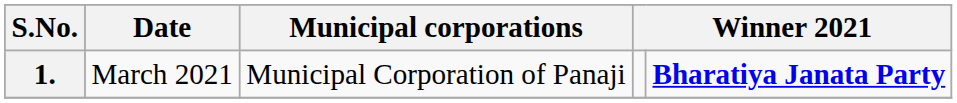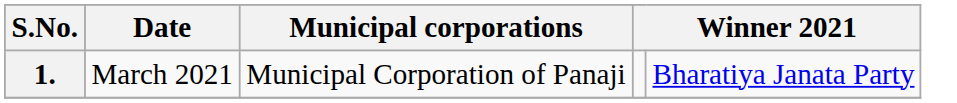 <table class="wikitable sortable">
 <tr>
 <th>S.No.</th>
 <th>Date</th>
 <th>Municipal corporations</th>
 <th colspan="2">Winner 2021</th>
 </tr>
 <tr>
 <th>1.</th>
 <td>March 2021</td>
 <td>Municipal Corporation of Panaji</td>
 <td></td>
-<td><strong><a href='#'>Bharatiya Janata Party</a></strong></td>
+<td><a href='#'>Bharatiya Janata Party</a></td>
 </tr>
 <tr>
 </tr>
 </table>
